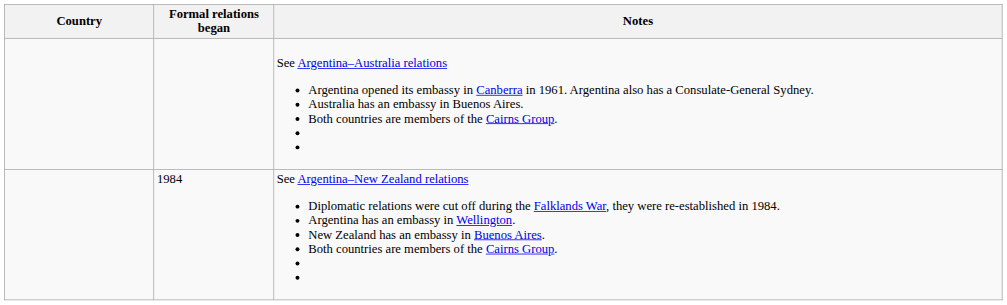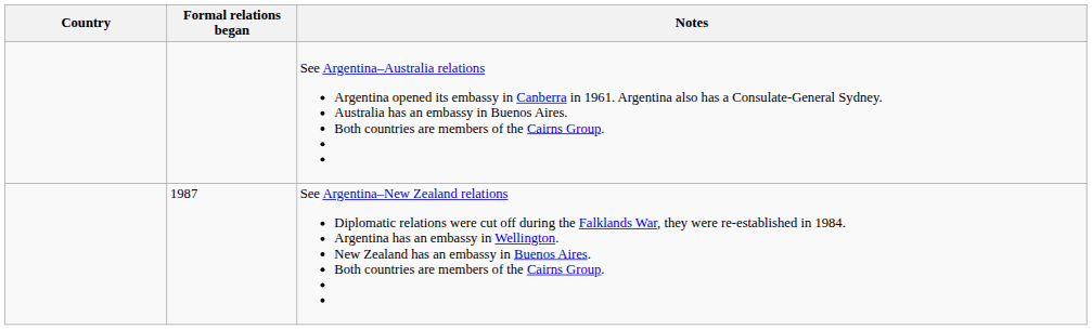 <table class="wikitable sortable" style="width:100%; margin:auto;">
 <tr>
 <th style="width:15%;">Country</th>
 <th style="width:12%;">Formal relations began</th>
 <th>Notes</th>
 </tr>
 <tr valign="top">
 <td></td>
 <td></td>
 <td><br>See <a href='#'>Argentina–Australia relations</a><ul><li>Argentina opened its embassy in <a href='#'>Canberra</a> in 1961. Argentina also has a Consulate-General Sydney.</li><li>Australia has an embassy in Buenos Aires.</li><li>Both countries are members of the <a href='#'>Cairns Group</a>.</li><li> </li><li></li></ul></td>
 </tr>
 <tr valign="top">
 <td></td>
-<td>1984</td>
+<td>1987</td>
 <td>See <a href='#'>Argentina–New Zealand relations</a><br><ul><li>Diplomatic relations were cut off during the <a href='#'>Falklands War</a>, they were re-established in 1984.</li><li>Argentina has an embassy in <a href='#'>Wellington</a>.</li><li>New Zealand has an embassy in <a href='#'>Buenos Aires</a>.</li><li>Both countries are members of the <a href='#'>Cairns Group</a>.</li><li> </li><li> </li></ul></td>
 </tr>
 </table>
